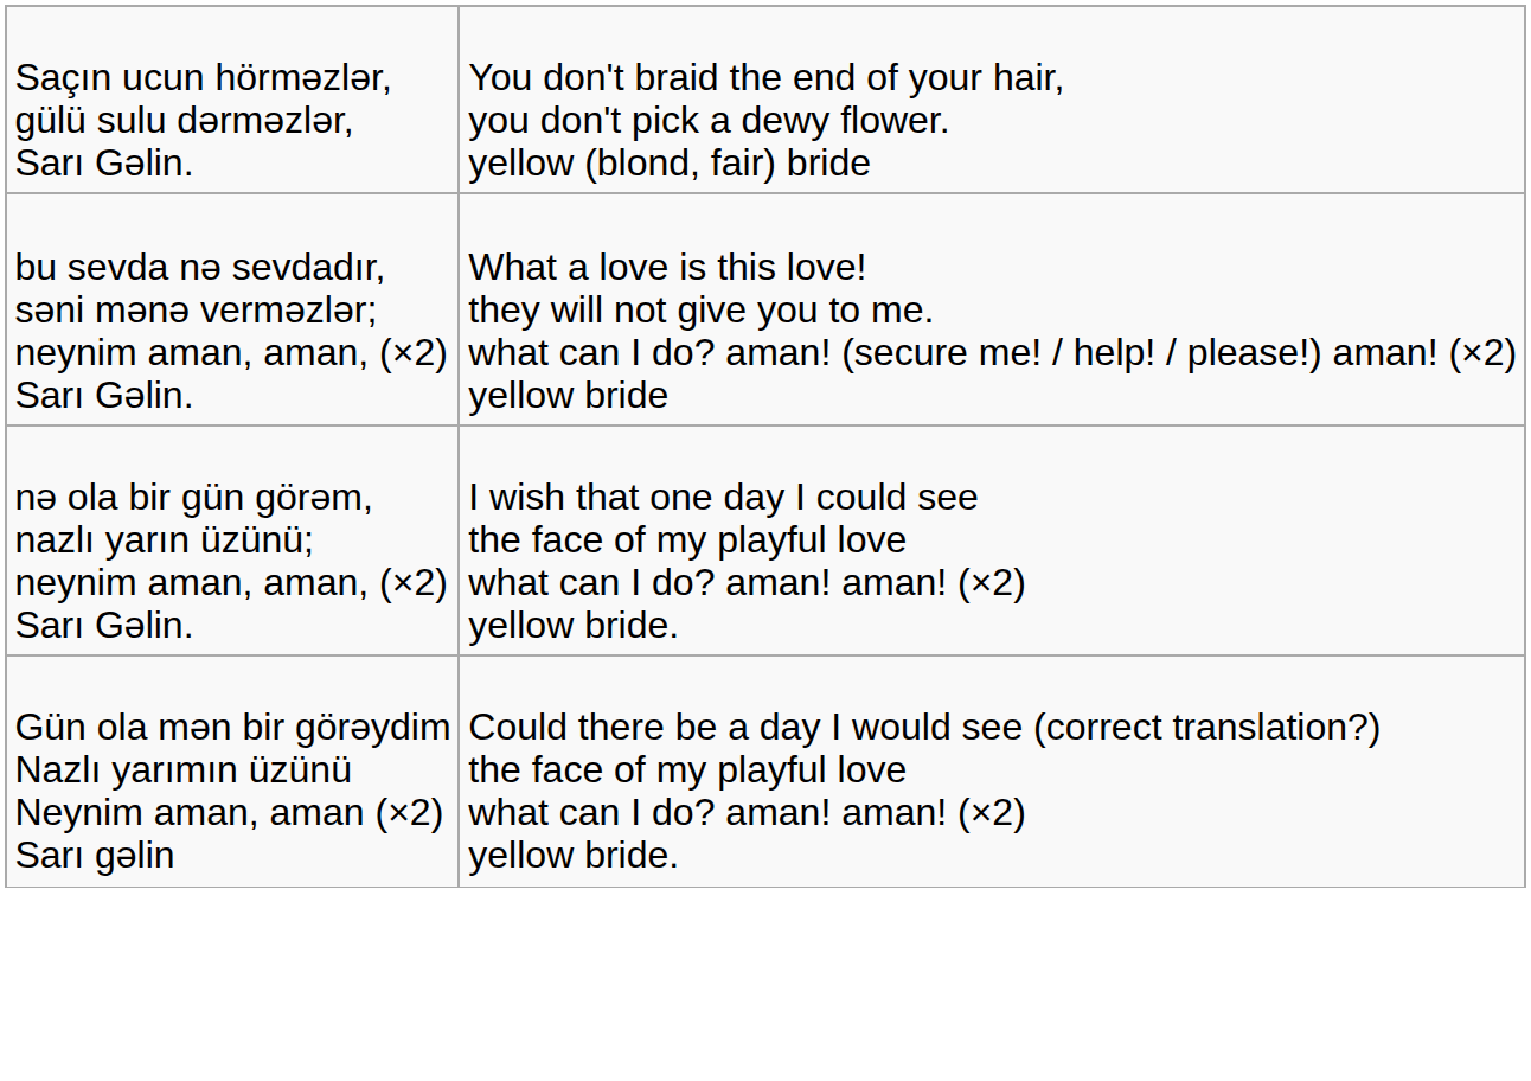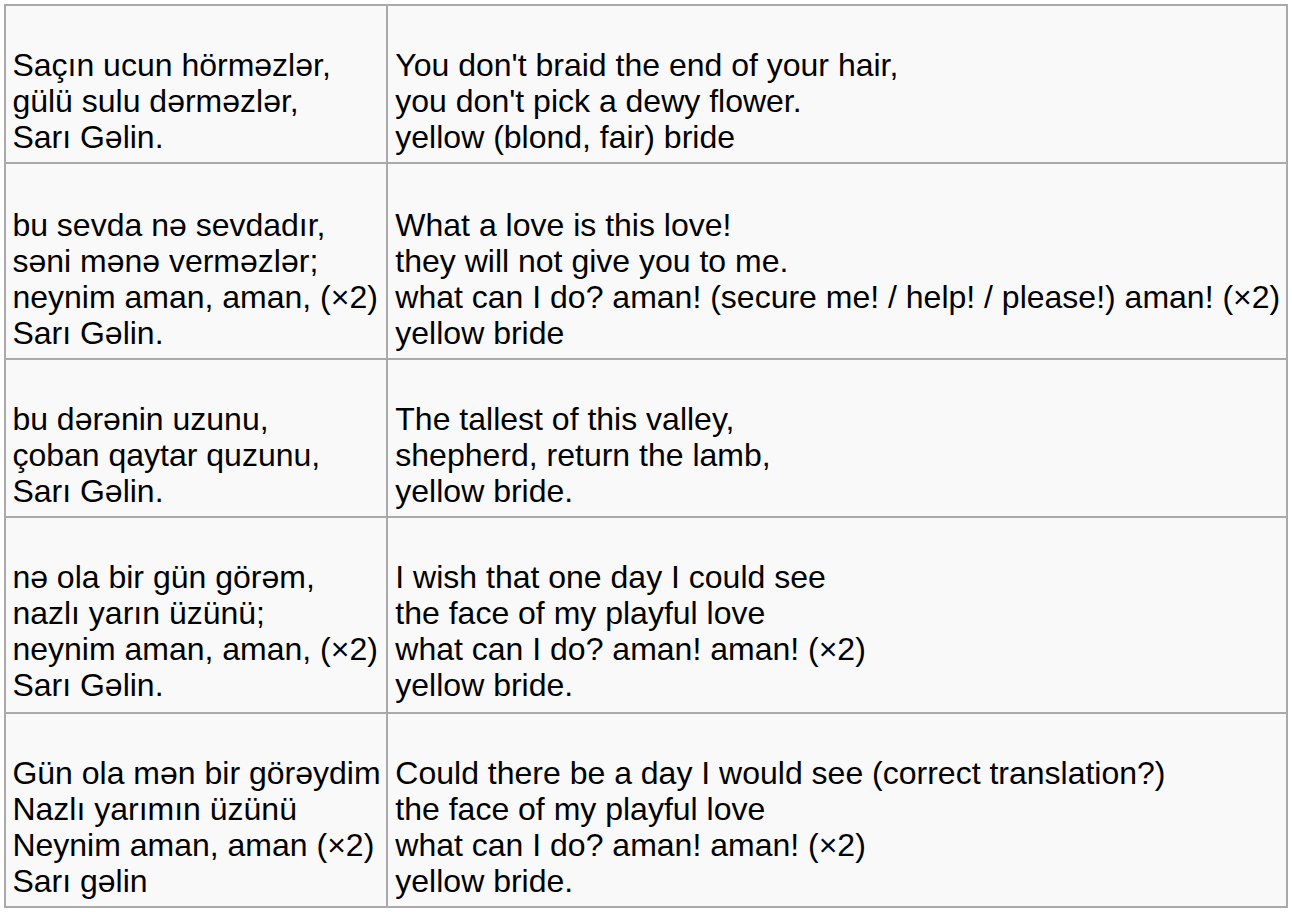 <table class="wikitable">
 <tr>
 <td><br>Saçın ucun hörməzlər, <br>gülü sulu dərməzlər, <br>Sarı Gəlin.</td>
 <td><br>You don't braid the end of your hair, <br>you don't pick a dewy flower. <br>yellow (blond, fair) bride</td>
 </tr>
 <tr>
 <td><br>bu sevda nə sevdadır, <br>səni mənə verməzlər; <br>neynim aman, aman, (×2) <br>Sarı Gəlin.</td>
 <td><br>What a love is this love! <br>they will not give you to me. <br>what can I do? aman! (secure me! / help! / please!) aman! (×2) <br>yellow bride</td>
 </tr>
 <tr>
+<td><br>bu dərənin uzunu, <br>çoban qaytar quzunu, <br>Sarı Gəlin.</td>
+<td><br>The tallest of this valley, <br>shepherd, return the lamb, <br>yellow bride.</td>
+</tr>
+<tr>
 <td><br>nə ola bir gün görəm, <br>nazlı yarın üzünü; <br>neynim aman, aman, (×2) <br>Sarı Gəlin.</td>
 <td><br>I wish that one day I could see <br>the face of my playful love <br>what can I do? aman! aman! (×2) <br>yellow bride.</td>
 </tr>
 <tr>
 <td><br>Gün ola mən bir görəydim <br>Nazlı yarımın üzünü <br>Neynim aman, aman (×2) <br>Sarı gəlin</td>
 <td><br>Could there be a day I would see (correct translation?) <br>the face of my playful love <br>what can I do? aman! aman! (×2) <br>yellow bride.</td>
 </tr>
 </table>
